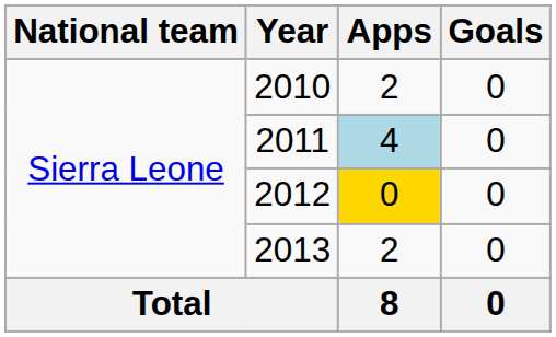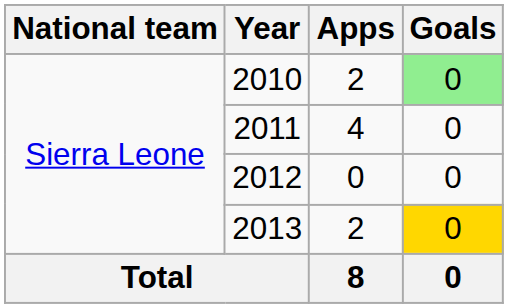 <table class="wikitable" style="text-align:center">
 <tr>
 <th>National team</th>
 <th>Year</th>
 <th>Apps</th>
 <th>Goals</th>
 </tr>
 <tr>
 <td rowspan="4"><a href='#'>Sierra Leone</a></td>
 <td>2010</td>
 <td>2</td>
-<td>0</td>
+<td style="background: lightgreen;">0</td>
 </tr>
 <tr>
 <td>2011</td>
-<td style="background: lightblue;">4</td>
+<td>4</td>
 <td>0</td>
 </tr>
 <tr>
 <td>2012</td>
-<td style="background: gold;">0</td>
+<td>0</td>
 <td>0</td>
 </tr>
 <tr>
 <td>2013</td>
 <td>2</td>
-<td>0</td>
+<td style="background: gold;">0</td>
 </tr>
 <tr>
 <th colspan="2">Total</th>
 <th>8</th>
 <th>0</th>
 </tr>
 </table>
